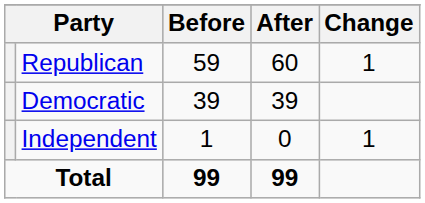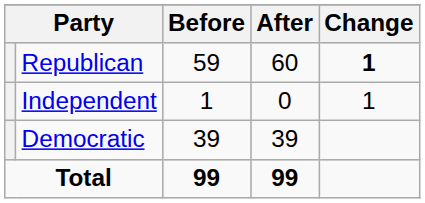 <table class="wikitable" style="text-align:center;">
 <tr>
 </tr>
 <tr>
 <th colspan=2>Party</th>
 <th>Before</th>
 <th>After</th>
 <th>Change</th>
 </tr>
 <tr>
 <th style="background-color:"></th>
 <td style="text-align:left;"><a href='#'>Republican</a></td>
 <td>59</td>
 <td>60</td>
+<td><strong> 1</strong></td>
+</tr>
+<tr>
+<th style="background-color:"></th>
+<td style="text-align:left;"><a href='#'>Independent</a></td>
+<td>1</td>
+<td>0</td>
 <td> 1</td>
 </tr>
 <tr>
 <th style="background-color:"></th>
 <td style="text-align:left;"><a href='#'>Democratic</a></td>
 <td>39</td>
 <td>39</td>
 <td></td>
 </tr>
 <tr>
-<th style="background-color:"></th>
-<td style="text-align:left;"><a href='#'>Independent</a></td>
-<td>1</td>
-<td>0</td>
-<td> 1</td>
-</tr>
-<tr>
 <td colspan=2><strong>Total</strong></td>
 <td><strong>99</strong></td>
 <td><strong>99</strong></td>
 <td></td>
 </tr>
 </table>
